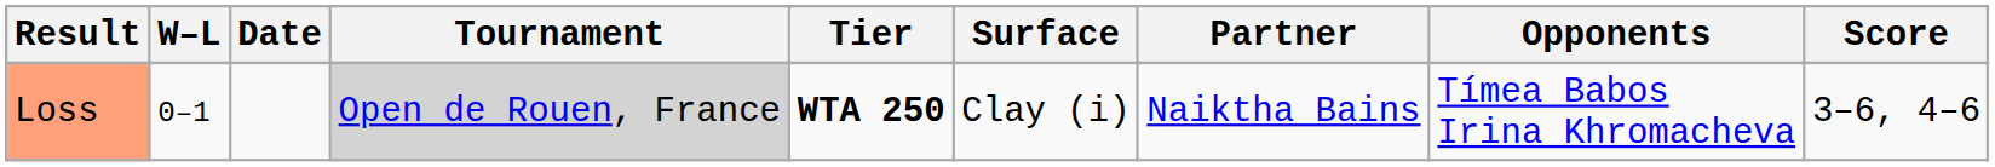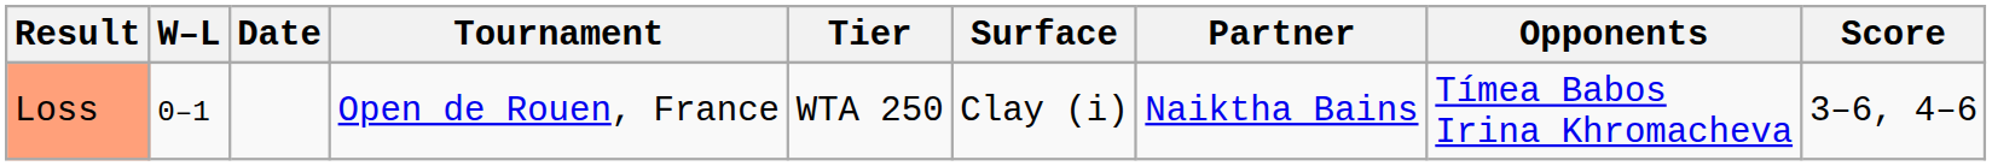 <table class="sortable wikitable nowrap">
 <tr>
 <th>Result</th>
 <th class="unsortable">W–L</th>
 <th>Date</th>
 <th>Tournament</th>
 <th>Tier</th>
 <th>Surface</th>
 <th>Partner</th>
 <th>Opponents</th>
 <th class="unsortable">Score</th>
 </tr>
 <tr>
 </tr>
 <tr>
 <td style="background:#ffa07a;">Loss</td>
 <td><small>0–1</small></td>
 <td><a href='#'></a></td>
-<td style="background: lightgrey;"><a href='#'>Open de Rouen</a>, France</td>
-<td><strong>WTA 250</strong></td>
+<td><a href='#'>Open de Rouen</a>, France</td>
+<td>WTA 250</td>
 <td>Clay (i)</td>
 <td> <a href='#'>Naiktha Bains</a></td>
 <td> <a href='#'>Tímea Babos</a> <br>  <a href='#'>Irina Khromacheva</a></td>
 <td>3–6, 4–6</td>
 </tr>
 </table>
